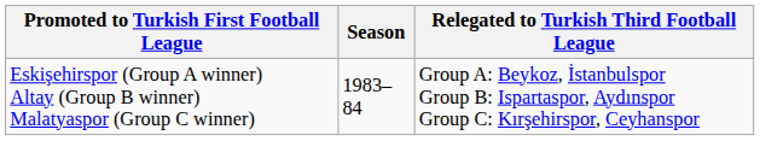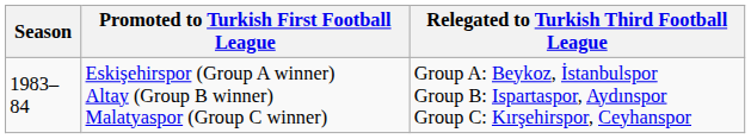 <table class="wikitable">
 <tr>
+<th>Season</th>
 <th>Promoted to <a href='#'>Turkish First Football League</a></th>
-<th>Season</th>
 <th>Relegated to <a href='#'>Turkish Third Football League</a></th>
 </tr>
 <tr>
+<td>1983–84</td>
 <td><a href='#'>Eskişehirspor</a> (Group A winner)<br><a href='#'>Altay</a> (Group B winner)<br><a href='#'>Malatyaspor</a> (Group C winner)</td>
-<td>1983–84</td>
 <td>Group A: <a href='#'>Beykoz</a>, <a href='#'>İstanbulspor</a><br>Group B: <a href='#'>Ispartaspor</a>, <a href='#'>Aydınspor</a><br>Group C: <a href='#'>Kırşehirspor</a>, <a href='#'>Ceyhanspor</a></td>
 </tr>
 </table>
